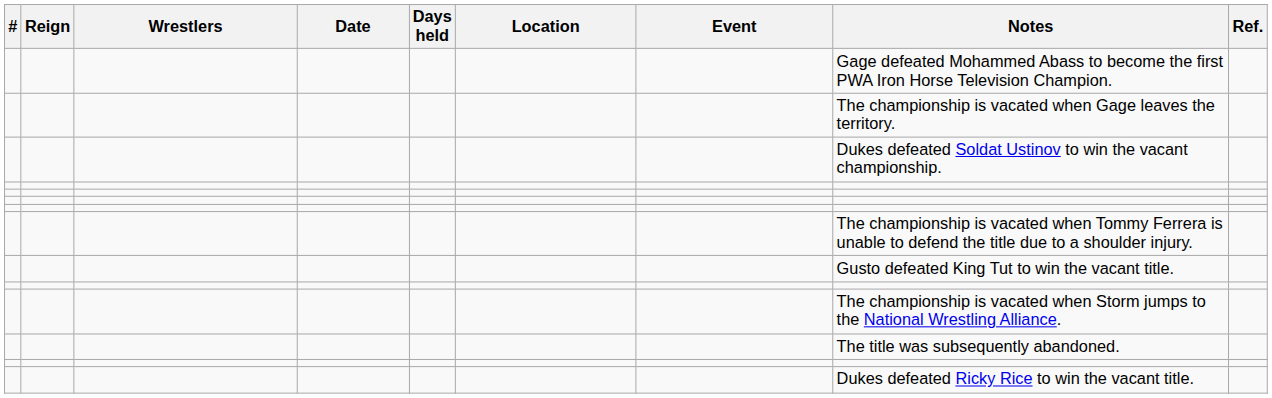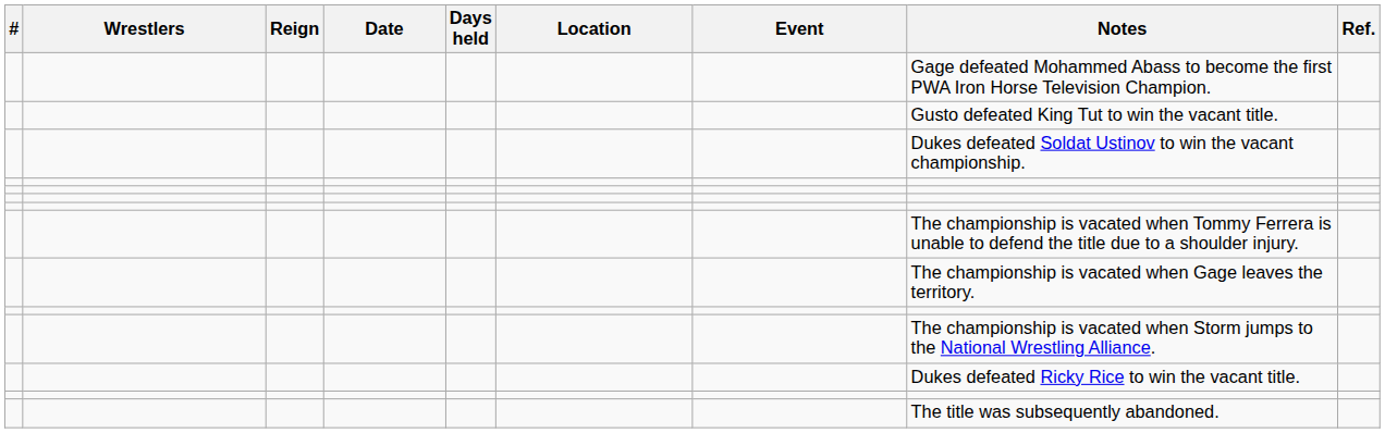 <table class="wikitable sortable" width=98% style="text-align:center;">
 <tr>
 <th width=0%>#</th>
+<th width=20%>Wrestlers</th>
 <th width=0%>Reign</th>
-<th width=20%>Wrestlers</th>
 <th width=10%>Date</th>
 <th width=0%>Days<br>held</th>
 <th width=16%>Location</th>
 <th width=18%>Event</th>
 <th width=60% class="unsortable">Notes</th>
 <th width=0% class="unsortable">Ref.</th>
 </tr>
 <tr>
 <td></td>
 <td></td>
 <td></td>
 <td></td>
 <td></td>
 <td></td>
 <td></td>
 <td align="left">Gage defeated Mohammed Abass to become the first PWA Iron Horse Television Champion.</td>
 <td align="left"></td>
 </tr>
 <tr>
 <td></td>
 <td></td>
 <td></td>
 <td></td>
 <td></td>
 <td></td>
 <td></td>
-<td align="left">The championship is vacated when Gage leaves the territory.</td>
+<td align="left">Gusto defeated King Tut to win the vacant title.</td>
 <td align="left"></td>
 </tr>
 <tr>
 <td></td>
 <td></td>
 <td></td>
 <td></td>
 <td></td>
 <td></td>
 <td></td>
 <td align="left">Dukes defeated <a href='#'>Soldat Ustinov</a> to win the vacant championship.</td>
 <td align="left"></td>
 </tr>
 <tr>
 <td></td>
 <td></td>
 <td></td>
 <td></td>
 <td></td>
 <td></td>
 <td></td>
 <td align="left"></td>
 <td align="left"></td>
 </tr>
 <tr>
 <td></td>
 <td></td>
 <td></td>
 <td></td>
 <td></td>
 <td></td>
 <td></td>
 <td align="left"></td>
 <td align="left"></td>
 </tr>
 <tr>
 <td></td>
 <td></td>
 <td></td>
 <td></td>
 <td></td>
 <td></td>
 <td></td>
 <td align="left"></td>
 <td align="left"></td>
 </tr>
 <tr>
 <td></td>
 <td></td>
 <td></td>
 <td></td>
 <td></td>
 <td></td>
 <td></td>
 <td align="left"></td>
 <td align="left"></td>
 </tr>
 <tr>
 <td></td>
 <td></td>
 <td></td>
 <td></td>
 <td></td>
 <td></td>
 <td></td>
 <td align="left">The championship is vacated when Tommy Ferrera is unable to defend the title due to a shoulder injury.</td>
 <td align="left"></td>
 </tr>
 <tr>
 <td></td>
 <td></td>
 <td></td>
 <td></td>
 <td></td>
 <td></td>
 <td></td>
-<td align="left">Gusto defeated King Tut to win the vacant title.</td>
+<td align="left">The championship is vacated when Gage leaves the territory.</td>
 <td align="left"></td>
 </tr>
 <tr>
 <td></td>
 <td></td>
 <td></td>
 <td></td>
 <td></td>
 <td></td>
 <td></td>
 <td align="left"></td>
 <td align="left"></td>
 </tr>
 <tr>
 <td></td>
 <td></td>
 <td></td>
 <td></td>
 <td></td>
 <td></td>
 <td></td>
 <td align="left">The championship is vacated when Storm jumps to the <a href='#'>National Wrestling Alliance</a>.</td>
 <td align="left"></td>
 </tr>
 <tr>
 <td></td>
 <td></td>
 <td></td>
 <td> </td>
 <td></td>
 <td></td>
 <td></td>
-<td align="left">The title was subsequently abandoned.</td>
+<td align="left">Dukes defeated <a href='#'>Ricky Rice</a> to win the vacant title.</td>
 <td align="left"></td>
 </tr>
 <tr>
 <td></td>
 <td></td>
 <td></td>
 <td></td>
 <td></td>
 <td></td>
 <td></td>
 <td align="left"></td>
 <td align="left"></td>
 </tr>
 <tr>
 <td></td>
 <td></td>
 <td></td>
 <td></td>
 <td></td>
 <td></td>
 <td></td>
-<td align="left">Dukes defeated <a href='#'>Ricky Rice</a> to win the vacant title.</td>
+<td align="left">The title was subsequently abandoned.</td>
 <td align="left"></td>
 </tr>
 </table>
